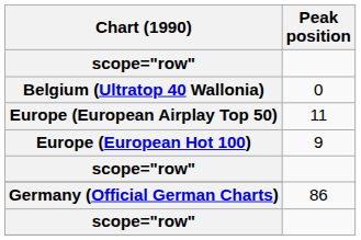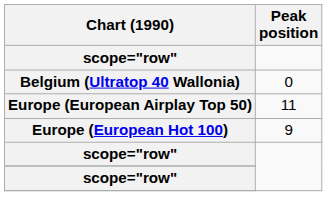 <table class="wikitable sortable plainrowheaders">
 <tr>
 <th>Chart (1990)</th>
 <th>Peak<br>position</th>
 </tr>
 <tr>
 <th>scope="row"</th>
 </tr>
 <tr>
 <th scope="row">Belgium (<a href='#'>Ultratop 40</a> Wallonia)</th>
 <td align="center">0</td>
 </tr>
 <tr>
 <th scope="row">Europe (European Airplay Top 50)</th>
 <td align="center">11</td>
 </tr>
 <tr>
 <th scope="row">Europe (<a href='#'>European Hot 100</a>)</th>
 <td align="center">9</td>
 </tr>
 <tr>
 <th>scope="row"</th>
 </tr>
 <tr>
 </tr>
 <tr>
-<th scope="row">Germany (<a href='#'>Official German Charts</a>)</th>
-<td align="center">86</td>
-</tr>
-<tr>
 <th>scope="row"</th>
 </tr>
 <tr>
 </tr>
 </table>
